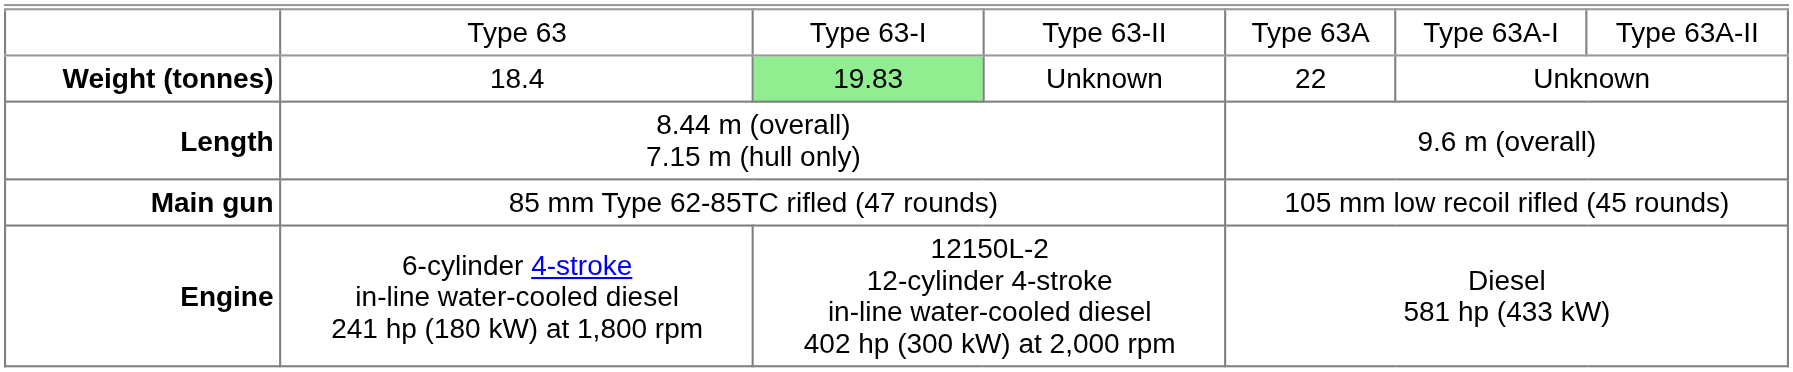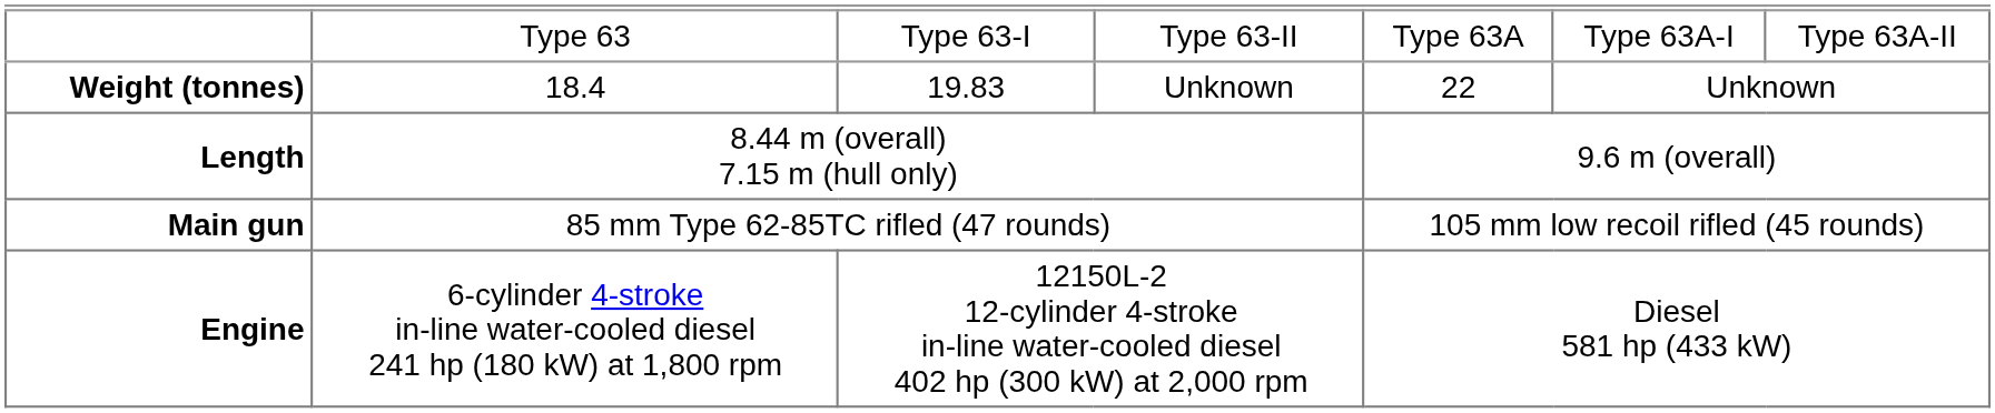 <table border="1" cellspacing="0" cellpadding="3"  style="width:850px; border-top:3px double #999; border-collapse:collapse; text-align:left; font-size:smaller;" summary="Characteristics of the Type 63 models">
 <tr style="vertical-align:bottom; border-bottom:1px solid #999;">
 <th></th>
 <td style="text-align:center;">Type 63</td>
 <td style="text-align:center;">Type 63-I</td>
 <td style="text-align:center;">Type 63-II</td>
 <td style="text-align:center;">Type 63A</td>
 <td style="text-align:center;">Type 63A-I</td>
 <td style="text-align:center;">Type 63A-II</td>
 </tr>
 <tr>
 <th style="text-align:right;">Weight (tonnes)</th>
 <td style="text-align:center;">18.4</td>
-<td style="background: lightgreen; text-align:center;">19.83</td>
+<td style="text-align:center;">19.83</td>
 <td style="text-align:center;">Unknown</td>
 <td style="text-align:center;">22</td>
 <td colspan=2 style="text-align:center;">Unknown</td>
 </tr>
 <tr>
 <th style="text-align:right;">Length</th>
 <td colspan=3 style="text-align:center;">8.44 m (overall) <br> 7.15 m (hull only)</td>
 <td colspan=3 style="text-align:center;">9.6 m (overall)</td>
 </tr>
 <tr>
 <th style="text-align:right;">Main gun</th>
 <td colspan=3 style="text-align:center;">85 mm Type 62-85TC rifled (47 rounds)</td>
 <td colspan=3 style="text-align:center;">105 mm low recoil rifled (45 rounds)</td>
 </tr>
 <tr>
 <th style="text-align:right;">Engine</th>
 <td style="text-align:center;">6-cylinder <a href='#'>4-stroke</a> <br> in-line water-cooled diesel <br> 241 hp (180 kW) at 1,800 rpm</td>
 <td colspan=2 style="text-align:center;">12150L-2 <br> 12-cylinder 4-stroke <br> in-line water-cooled diesel <br> 402 hp (300 kW) at 2,000 rpm</td>
 <td colspan=3 style="text-align:center;">Diesel <br> 581 hp (433 kW)</td>
 </tr>
 </table>
